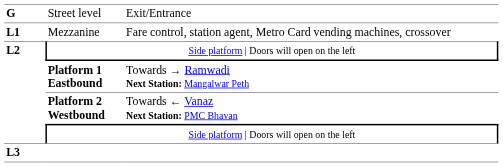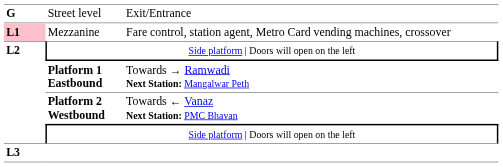 <table table border=0 cellspacing=0 cellpadding=3>
 <tr>
 <td style="border-bottom:solid 1px grey;border-top:solid 1px grey;" width=50 valign=top><strong>G</strong></td>
 <td style="border-top:solid 1px grey;border-bottom:solid 1px grey;" width=100 valign=top>Street level</td>
 <td style="border-top:solid 1px grey;border-bottom:solid 1px grey;" width=500 valign=top>Exit/Entrance</td>
 </tr>
 <tr>
-<td valign=top><strong>L1</strong></td>
+<td valign=top style="background: pink;"><strong>L1</strong></td>
 <td valign=top>Mezzanine</td>
 <td valign=top>Fare control, station agent, Metro Card vending machines, crossover<br></td>
 </tr>
 <tr>
 <td style="border-top:solid 1px grey;border-bottom:solid 1px grey;" width=50 rowspan=4 valign=top><strong>L2</strong></td>
 <td style="border-top:solid 1px grey;border-right:solid 2px black;border-left:solid 2px black;border-bottom:solid 2px black;text-align:center;" colspan=2><small><a href='#'>Side platform</a> | Doors will open on the left </small></td>
 </tr>
 <tr>
 <td style="border-bottom:solid 1px grey;" width=100><span><strong>Platform 1</strong><br><strong>Eastbound</strong></span></td>
 <td style="border-bottom:solid 1px grey;" width=500>Towards → <a href='#'>Ramwadi</a><br><small><strong>Next Station:</strong> <a href='#'>Mangalwar Peth</a></small></td>
 </tr>
 <tr>
 <td><span><strong>Platform 2</strong><br><strong>Westbound</strong></span></td>
 <td>Towards ← <a href='#'>Vanaz</a><br><small><strong>Next Station:</strong> <a href='#'>PMC Bhavan</a></small></td>
 </tr>
 <tr>
 <td style="border-top:solid 2px black;border-right:solid 2px black;border-left:solid 2px black;border-bottom:solid 1px grey;" colspan=2  align=center><small><a href='#'>Side platform</a> | Doors will open on the left </small></td>
 </tr>
 <tr>
 <td style="border-bottom:solid 1px grey;" width=50 rowspan=2 valign=top><strong>L3</strong></td>
 <td style="border-bottom:solid 1px grey;" width=100></td>
 <td style="border-bottom:solid 1px grey;" width=500></td>
 </tr>
 <tr>
 </tr>
 </table>
